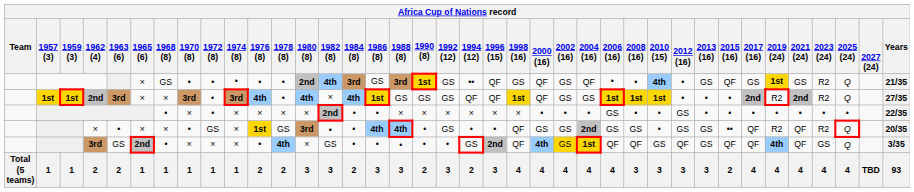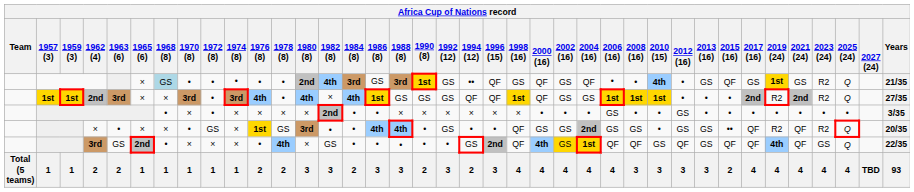 <table class="wikitable" style="text-align:center; font-size:80%;">
 <tr>
 <th colspan=38><a href='#'>Africa Cup of Nations</a> record</th>
 </tr>
 <tr>
 <th>Team</th>
 <th><br><a href='#'>1957</a><br>(3)</th>
 <th><br><a href='#'>1959</a><br>(3)</th>
 <th><br><a href='#'>1962</a><br>(4)</th>
 <th><br><a href='#'>1963</a><br>(6)</th>
 <th><br><a href='#'>1965</a><br>(6)</th>
 <th><br><a href='#'>1968</a><br>(8)</th>
 <th><br><a href='#'>1970</a><br>(8)</th>
 <th><br><a href='#'>1972</a><br>(8)</th>
 <th><br><a href='#'>1974</a><br>(8)</th>
 <th><br><a href='#'>1976</a><br>(8)</th>
 <th><br><a href='#'>1978</a><br>(8)</th>
 <th><br><a href='#'>1980</a><br>(8)</th>
 <th><br><a href='#'>1982</a><br>(8)</th>
 <th><br><a href='#'>1984</a><br>(8)</th>
 <th><br><a href='#'>1986</a><br>(8)</th>
 <th><br><a href='#'>1988</a><br>(8)</th>
 <th><br><a href='#'>1990</a><br>(8)</th>
 <th><br><a href='#'>1992</a><br>(12)</th>
 <th><br><a href='#'>1994</a><br>(12)</th>
 <th><br><a href='#'>1996</a><br>(15)</th>
 <th><br><a href='#'>1998</a><br>(16)</th>
 <th><br><br><a href='#'>2000</a><br>(16)</th>
 <th><br><a href='#'>2002</a><br>(16)</th>
 <th><br><a href='#'>2004</a><br>(16)</th>
 <th><br><a href='#'>2006</a><br>(16)</th>
 <th><br><a href='#'>2008</a><br>(16)</th>
 <th><br><a href='#'>2010</a><br>(15)</th>
 <th><br><br><a href='#'>2012</a><br>(16)</th>
 <th><br><a href='#'>2013</a><br>(16)</th>
 <th><br><a href='#'>2015</a><br>(16)</th>
 <th><br><a href='#'>2017</a><br>(16)</th>
 <th><br><a href='#'>2019</a><br>(24)</th>
 <th><br><a href='#'>2021</a><br>(24)</th>
 <th><br><a href='#'>2023</a><br>(24)</th>
 <th><br><a href='#'>2025</a><br>(24)</th>
 <th><br><br><br><a href='#'>2027</a><br>(24)</th>
 <th>Years</th>
 </tr>
 <tr>
 <td align=left></td>
 <td colspan=3><em></em></td>
 <td bgcolor=#efefef></td>
 <td>×</td>
-<td>GS</td>
+<td style="background: lightblue;">GS</td>
 <td>•</td>
 <td>•</td>
 <td>•</td>
 <td>•</td>
 <td>•</td>
 <td bgcolor=Silver><strong>2nd</strong></td>
 <td bgcolor=#9acdff><strong>4th</strong></td>
 <td bgcolor=#cc9966><strong>3rd</strong></td>
 <td>GS</td>
 <td bgcolor=#cc9966><strong>3rd</strong></td>
 <td style="border: 3px solid red" bgcolor=Gold><strong>1st</strong></td>
 <td>GS</td>
 <td>••</td>
 <td>QF</td>
 <td>GS</td>
 <td>QF</td>
 <td>GS</td>
 <td>QF</td>
 <td>•</td>
 <td>•</td>
 <td bgcolor=#9acdff><strong>4th</strong></td>
 <td>•</td>
 <td>GS</td>
 <td>QF</td>
 <td>GS</td>
 <td bgcolor=Gold><strong>1st</strong></td>
 <td>GS</td>
 <td>R2</td>
 <td><em>Q</em></td>
 <td></td>
 <th>21/35</th>
 </tr>
 <tr>
 <td align=left></td>
 <td bgcolor=Gold><strong>1st</strong></td>
 <td style="border: 3px solid red" bgcolor=Gold><strong>1st</strong></td>
 <td bgcolor=Silver><strong>2nd</strong></td>
 <td bgcolor=#cc9966><strong>3rd</strong></td>
 <td>×</td>
 <td>×</td>
 <td bgcolor=#cc9966><strong>3rd</strong></td>
 <td>•</td>
 <td style="border: 3px solid red" bgcolor=#cc9966><strong>3rd</strong></td>
 <td bgcolor=#9acdff><strong>4th</strong></td>
 <td>•</td>
 <td bgcolor=#9acdff><strong>4th</strong></td>
 <td>×</td>
 <td bgcolor=#9acdff><strong>4th</strong></td>
 <td style="border: 3px solid red" bgcolor=Gold><strong>1st</strong></td>
 <td>GS</td>
 <td>GS</td>
 <td>GS</td>
 <td>QF</td>
 <td>QF</td>
 <td bgcolor=Gold><strong>1st</strong></td>
 <td>QF</td>
 <td>GS</td>
 <td>GS</td>
 <td style="border: 3px solid red" bgcolor=Gold><strong>1st</strong></td>
 <td bgcolor=Gold><strong>1st</strong></td>
 <td bgcolor=Gold><strong>1st</strong></td>
 <td>•</td>
 <td>•</td>
 <td>•</td>
 <td bgcolor=Silver><strong>2nd</strong></td>
 <td style="border: 3px solid red">R2</td>
 <td bgcolor=Silver><strong>2nd</strong></td>
 <td>R2</td>
 <td><em>Q</em></td>
 <td></td>
 <th>27/35</th>
 </tr>
 <tr>
 <td align=left></td>
 <td colspan=5 bgcolor=#efefef></td>
 <td>•</td>
 <td>×</td>
 <td>•</td>
 <td>×</td>
 <td>×</td>
 <td>×</td>
 <td>×</td>
 <td style="border: 3px solid red" bgcolor=Silver><strong>2nd</strong></td>
 <td>•</td>
 <td>•</td>
 <td>×</td>
 <td>×</td>
 <td>×</td>
 <td>×</td>
 <td>×</td>
 <td>×</td>
 <td>•</td>
 <td>•</td>
 <td>•</td>
 <td>GS</td>
 <td>•</td>
 <td>•</td>
 <td>GS</td>
 <td>•</td>
 <td>•</td>
 <td>•</td>
 <td>•</td>
 <td>•</td>
 <td>•</td>
 <td>•</td>
 <td></td>
-<th>22/35</th>
+<th>3/35</th>
 </tr>
 <tr>
 <td align=left></td>
 <td colspan=2 bgcolor=#efefef></td>
 <td>×</td>
 <td>•</td>
 <td>×</td>
 <td>×</td>
 <td>•</td>
 <td>GS</td>
 <td>×</td>
 <td bgcolor=Gold><strong>1st</strong></td>
 <td>GS</td>
 <td bgcolor=#cc9966><strong>3rd</strong></td>
 <td>•</td>
 <td>•</td>
 <td bgcolor=#9acdff><strong>4th</strong></td>
 <td style="border: 3px solid red" bgcolor=#9acdff><strong>4th</strong></td>
 <td>•</td>
 <td>GS</td>
 <td>•</td>
 <td>•</td>
 <td>QF</td>
 <td>GS</td>
 <td>GS</td>
 <td bgcolor=Silver><strong>2nd</strong></td>
 <td>GS</td>
 <td>GS</td>
 <td>•</td>
 <td>GS</td>
 <td>GS</td>
 <td>••</td>
 <td>QF</td>
 <td>R2</td>
 <td>QF</td>
 <td>R2</td>
 <td style="border: 3px solid red"><em>Q</em></td>
 <td></td>
 <th>20/35</th>
 </tr>
 <tr>
 <td align=left></td>
 <td colspan=2 bgcolor=#efefef></td>
 <td bgcolor=#cc9966><strong>3rd</strong></td>
 <td>GS</td>
 <td style="border: 3px solid red" bgcolor=Silver><strong>2nd</strong></td>
 <td>•</td>
 <td>×</td>
 <td>×</td>
 <td>×</td>
 <td>•</td>
 <td bgcolor=#9acdff><strong>4th</strong></td>
 <td>×</td>
 <td>GS</td>
 <td>•</td>
 <td>•</td>
 <td>•</td>
 <td>•</td>
 <td>•</td>
 <td style="border: 3px solid red">GS</td>
 <td bgcolor=Silver><strong>2nd</strong></td>
 <td>QF</td>
 <td bgcolor=#9acdff><strong>4th</strong></td>
 <td style="background: gold;">GS</td>
 <td style="border: 3px solid red" bgcolor=Gold><strong>1st</strong></td>
 <td>QF</td>
 <td>QF</td>
 <td>GS</td>
 <td>QF</td>
 <td>GS</td>
 <td>QF</td>
 <td>QF</td>
 <td bgcolor=#9acdff><strong>4th</strong></td>
 <td>QF</td>
 <td>GS</td>
 <td><em>Q</em></td>
 <td></td>
-<th>3/35</th>
+<th>22/35</th>
 </tr>
 <tr>
 <th>Total (5 teams)</th>
 <th>1</th>
 <th>1</th>
 <th>2</th>
 <th>2</th>
 <th>1</th>
 <th>1</th>
 <th>1</th>
 <th>1</th>
 <th>1</th>
 <th>2</th>
 <th>2</th>
 <th>3</th>
 <th>3</th>
 <th>2</th>
 <th>3</th>
 <th>3</th>
 <th>2</th>
 <th>3</th>
 <th>2</th>
 <th>3</th>
 <th>4</th>
 <th>4</th>
 <th>4</th>
 <th>4</th>
 <th>4</th>
 <th>3</th>
 <th>3</th>
 <th>3</th>
 <th>3</th>
 <th>2</th>
 <th>4</th>
 <th>4</th>
 <th>4</th>
 <th>4</th>
 <th>4</th>
 <th>TBD</th>
 <th>93</th>
 </tr>
 </table>
